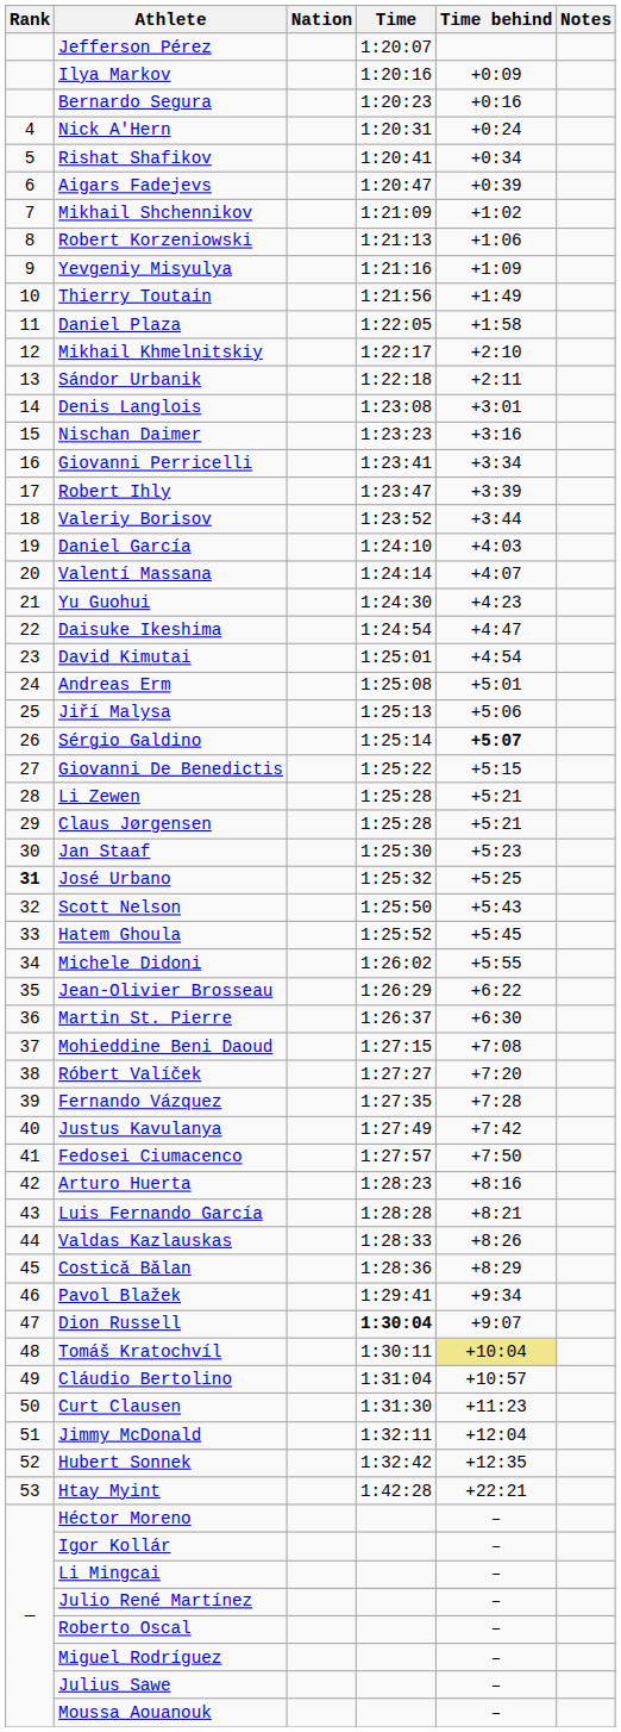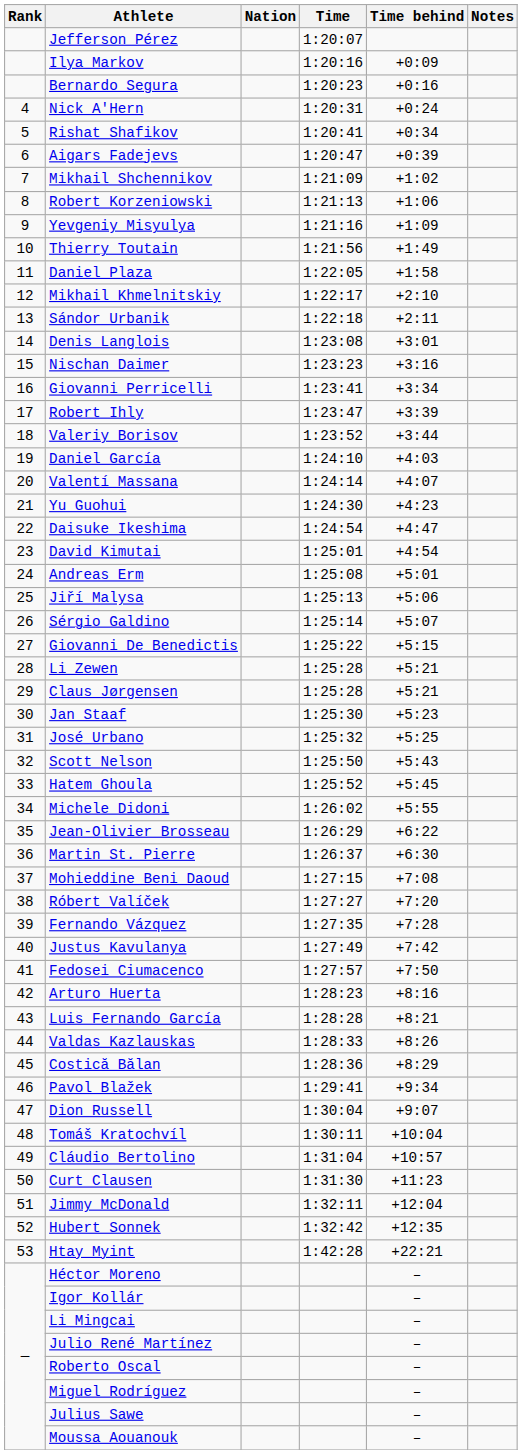 <table class="wikitable sortable" style="text-align:center">
 <tr>
 <th>Rank</th>
 <th>Athlete</th>
 <th>Nation</th>
 <th>Time</th>
 <th>Time behind</th>
 <th>Notes</th>
 </tr>
 <tr>
 <td></td>
 <td align=left><a href='#'>Jefferson Pérez</a></td>
 <td align=left></td>
 <td>1:20:07</td>
 <td></td>
 <td></td>
 </tr>
 <tr>
 <td></td>
 <td align=left><a href='#'>Ilya Markov</a></td>
 <td align=left></td>
 <td>1:20:16</td>
 <td>+0:09</td>
 <td></td>
 </tr>
 <tr>
 <td></td>
 <td align=left><a href='#'>Bernardo Segura</a></td>
 <td align=left></td>
 <td>1:20:23</td>
 <td>+0:16</td>
 <td></td>
 </tr>
 <tr>
 <td>4</td>
 <td align=left><a href='#'>Nick A'Hern</a></td>
 <td align=left></td>
 <td>1:20:31</td>
 <td>+0:24</td>
 <td></td>
 </tr>
 <tr>
 <td>5</td>
 <td align=left><a href='#'>Rishat Shafikov</a></td>
 <td align=left></td>
 <td>1:20:41</td>
 <td>+0:34</td>
 <td></td>
 </tr>
 <tr>
 <td>6</td>
 <td align=left><a href='#'>Aigars Fadejevs</a></td>
 <td align=left></td>
 <td>1:20:47</td>
 <td>+0:39</td>
 <td></td>
 </tr>
 <tr>
 <td>7</td>
 <td align=left><a href='#'>Mikhail Shchennikov</a></td>
 <td align=left></td>
 <td>1:21:09</td>
 <td>+1:02</td>
 <td></td>
 </tr>
 <tr>
 <td>8</td>
 <td align=left><a href='#'>Robert Korzeniowski</a></td>
 <td align=left></td>
 <td>1:21:13</td>
 <td>+1:06</td>
 <td></td>
 </tr>
 <tr>
 <td>9</td>
 <td align=left><a href='#'>Yevgeniy Misyulya</a></td>
 <td align=left></td>
 <td>1:21:16</td>
 <td>+1:09</td>
 <td></td>
 </tr>
 <tr>
 <td>10</td>
 <td align=left><a href='#'>Thierry Toutain</a></td>
 <td align=left></td>
 <td>1:21:56</td>
 <td>+1:49</td>
 <td></td>
 </tr>
 <tr>
 <td>11</td>
 <td align=left><a href='#'>Daniel Plaza</a></td>
 <td align=left></td>
 <td>1:22:05</td>
 <td>+1:58</td>
 <td></td>
 </tr>
 <tr>
 <td>12</td>
 <td align=left><a href='#'>Mikhail Khmelnitskiy</a></td>
 <td align=left></td>
 <td>1:22:17</td>
 <td>+2:10</td>
 <td></td>
 </tr>
 <tr>
 <td>13</td>
 <td align=left><a href='#'>Sándor Urbanik</a></td>
 <td align=left></td>
 <td>1:22:18</td>
 <td>+2:11</td>
 <td></td>
 </tr>
 <tr>
 <td>14</td>
 <td align=left><a href='#'>Denis Langlois</a></td>
 <td align=left></td>
 <td>1:23:08</td>
 <td>+3:01</td>
 <td></td>
 </tr>
 <tr>
 <td>15</td>
 <td align=left><a href='#'>Nischan Daimer</a></td>
 <td align=left></td>
 <td>1:23:23</td>
 <td>+3:16</td>
 <td></td>
 </tr>
 <tr>
 <td>16</td>
 <td align=left><a href='#'>Giovanni Perricelli</a></td>
 <td align=left></td>
 <td>1:23:41</td>
 <td>+3:34</td>
 <td></td>
 </tr>
 <tr>
 <td>17</td>
 <td align=left><a href='#'>Robert Ihly</a></td>
 <td align=left></td>
 <td>1:23:47</td>
 <td>+3:39</td>
 <td></td>
 </tr>
 <tr>
 <td>18</td>
 <td align=left><a href='#'>Valeriy Borisov</a></td>
 <td align=left></td>
 <td>1:23:52</td>
 <td>+3:44</td>
 <td></td>
 </tr>
 <tr>
 <td>19</td>
 <td align=left><a href='#'>Daniel García</a></td>
 <td align=left></td>
 <td>1:24:10</td>
 <td>+4:03</td>
 <td></td>
 </tr>
 <tr>
 <td>20</td>
 <td align=left><a href='#'>Valentí Massana</a></td>
 <td align=left></td>
 <td>1:24:14</td>
 <td>+4:07</td>
 <td></td>
 </tr>
 <tr>
 <td>21</td>
 <td align=left><a href='#'>Yu Guohui</a></td>
 <td align=left></td>
 <td>1:24:30</td>
 <td>+4:23</td>
 <td></td>
 </tr>
 <tr>
 <td>22</td>
 <td align=left><a href='#'>Daisuke Ikeshima</a></td>
 <td align=left></td>
 <td>1:24:54</td>
 <td>+4:47</td>
 <td></td>
 </tr>
 <tr>
 <td>23</td>
 <td align=left><a href='#'>David Kimutai</a></td>
 <td align=left></td>
 <td>1:25:01</td>
 <td>+4:54</td>
 <td></td>
 </tr>
 <tr>
 <td>24</td>
 <td align=left><a href='#'>Andreas Erm</a></td>
 <td align=left></td>
 <td>1:25:08</td>
 <td>+5:01</td>
 <td></td>
 </tr>
 <tr>
 <td>25</td>
 <td align=left><a href='#'>Jiří Malysa</a></td>
 <td align=left></td>
 <td>1:25:13</td>
 <td>+5:06</td>
 <td></td>
 </tr>
 <tr>
 <td>26</td>
 <td align=left><a href='#'>Sérgio Galdino</a></td>
 <td align=left></td>
 <td>1:25:14</td>
-<td><strong>+5:07</strong></td>
+<td>+5:07</td>
 <td></td>
 </tr>
 <tr>
 <td>27</td>
 <td align=left><a href='#'>Giovanni De Benedictis</a></td>
 <td align=left></td>
 <td>1:25:22</td>
 <td>+5:15</td>
 <td></td>
 </tr>
 <tr>
 <td>28</td>
 <td align=left><a href='#'>Li Zewen</a></td>
 <td align=left></td>
 <td>1:25:28</td>
 <td>+5:21</td>
 <td></td>
 </tr>
 <tr>
 <td>29</td>
 <td align=left><a href='#'>Claus Jørgensen</a></td>
 <td align=left></td>
 <td>1:25:28</td>
 <td>+5:21</td>
 <td></td>
 </tr>
 <tr>
 <td>30</td>
 <td align=left><a href='#'>Jan Staaf</a></td>
 <td align=left></td>
 <td>1:25:30</td>
 <td>+5:23</td>
 <td></td>
 </tr>
 <tr>
-<td><strong>31</strong></td>
+<td>31</td>
 <td align=left><a href='#'>José Urbano</a></td>
 <td align=left></td>
 <td>1:25:32</td>
 <td>+5:25</td>
 <td></td>
 </tr>
 <tr>
 <td>32</td>
 <td align=left><a href='#'>Scott Nelson</a></td>
 <td align=left></td>
 <td>1:25:50</td>
 <td>+5:43</td>
 <td></td>
 </tr>
 <tr>
 <td>33</td>
 <td align=left><a href='#'>Hatem Ghoula</a></td>
 <td align=left></td>
 <td>1:25:52</td>
 <td>+5:45</td>
 <td></td>
 </tr>
 <tr>
 <td>34</td>
 <td align=left><a href='#'>Michele Didoni</a></td>
 <td align=left></td>
 <td>1:26:02</td>
 <td>+5:55</td>
 <td></td>
 </tr>
 <tr>
 <td>35</td>
 <td align=left><a href='#'>Jean-Olivier Brosseau</a></td>
 <td align=left></td>
 <td>1:26:29</td>
 <td>+6:22</td>
 <td></td>
 </tr>
 <tr>
 <td>36</td>
 <td align=left><a href='#'>Martin St. Pierre</a></td>
 <td align=left></td>
 <td>1:26:37</td>
 <td>+6:30</td>
 <td></td>
 </tr>
 <tr>
 <td>37</td>
 <td align=left><a href='#'>Mohieddine Beni Daoud</a></td>
 <td align=left></td>
 <td>1:27:15</td>
 <td>+7:08</td>
 <td></td>
 </tr>
 <tr>
 <td>38</td>
 <td align=left><a href='#'>Róbert Valíček</a></td>
 <td align=left></td>
 <td>1:27:27</td>
 <td>+7:20</td>
 </tr>
 <tr>
 <td>39</td>
 <td align=left><a href='#'>Fernando Vázquez</a></td>
 <td align=left></td>
 <td>1:27:35</td>
 <td>+7:28</td>
 <td></td>
 </tr>
 <tr>
 <td>40</td>
 <td align=left><a href='#'>Justus Kavulanya</a></td>
 <td align=left></td>
 <td>1:27:49</td>
 <td>+7:42</td>
 <td></td>
 </tr>
 <tr>
 <td>41</td>
 <td align=left><a href='#'>Fedosei Ciumacenco</a></td>
 <td align=left></td>
 <td>1:27:57</td>
 <td>+7:50</td>
 <td></td>
 </tr>
 <tr>
 <td>42</td>
 <td align=left><a href='#'>Arturo Huerta</a></td>
 <td align=left></td>
 <td>1:28:23</td>
 <td>+8:16</td>
 <td></td>
 </tr>
 <tr>
 <td>43</td>
 <td align=left><a href='#'>Luis Fernando García</a></td>
 <td align=left></td>
 <td>1:28:28</td>
 <td>+8:21</td>
 <td></td>
 </tr>
 <tr>
 <td>44</td>
 <td align=left><a href='#'>Valdas Kazlauskas</a></td>
 <td align=left></td>
 <td>1:28:33</td>
 <td>+8:26</td>
 <td></td>
 </tr>
 <tr>
 <td>45</td>
 <td align=left><a href='#'>Costică Bălan</a></td>
 <td align=left></td>
 <td>1:28:36</td>
 <td>+8:29</td>
 <td></td>
 </tr>
 <tr>
 <td>46</td>
 <td align=left><a href='#'>Pavol Blažek</a></td>
 <td align=left></td>
 <td>1:29:41</td>
 <td>+9:34</td>
 <td></td>
 </tr>
 <tr>
 <td>47</td>
 <td align=left><a href='#'>Dion Russell</a></td>
 <td align=left></td>
-<td><strong>1:30:04</strong></td>
+<td>1:30:04</td>
 <td>+9:07</td>
 <td></td>
 </tr>
 <tr>
 <td>48</td>
 <td align=left><a href='#'>Tomáš Kratochvíl</a></td>
 <td align=left></td>
 <td>1:30:11</td>
-<td style="background: khaki;">+10:04</td>
+<td>+10:04</td>
 <td></td>
 </tr>
 <tr>
 <td>49</td>
 <td align=left><a href='#'>Cláudio Bertolino</a></td>
 <td align=left></td>
 <td>1:31:04</td>
 <td>+10:57</td>
 <td></td>
 </tr>
 <tr>
 <td>50</td>
 <td align=left><a href='#'>Curt Clausen</a></td>
 <td align=left></td>
 <td>1:31:30</td>
 <td>+11:23</td>
 <td></td>
 </tr>
 <tr>
 <td>51</td>
 <td align=left><a href='#'>Jimmy McDonald</a></td>
 <td align=left></td>
 <td>1:32:11</td>
 <td>+12:04</td>
 <td></td>
 </tr>
 <tr>
 <td>52</td>
 <td align=left><a href='#'>Hubert Sonnek</a></td>
 <td align=left></td>
 <td>1:32:42</td>
 <td>+12:35</td>
 </tr>
 <tr>
 <td>53</td>
 <td align=left><a href='#'>Htay Myint</a></td>
 <td align=left></td>
 <td>1:42:28</td>
 <td>+22:21</td>
 <td></td>
 </tr>
 <tr>
 <td rowspan="8">—</td>
 <td align=left><a href='#'>Héctor Moreno</a></td>
 <td align=left></td>
 <td></td>
 <td>–</td>
 <td></td>
 </tr>
 <tr>
 <td align=left><a href='#'>Igor Kollár</a></td>
 <td align=left></td>
 <td></td>
 <td>–</td>
 <td></td>
 </tr>
 <tr>
 <td align=left><a href='#'>Li Mingcai</a></td>
 <td align=left></td>
 <td></td>
 <td>–</td>
 <td></td>
 </tr>
 <tr>
 <td align=left><a href='#'>Julio René Martínez</a></td>
 <td align=left></td>
 <td></td>
 <td>–</td>
 <td></td>
 </tr>
 <tr>
 <td align=left><a href='#'>Roberto Oscal</a></td>
 <td align=left></td>
 <td></td>
 <td>–</td>
 <td></td>
 </tr>
 <tr>
 <td align=left><a href='#'>Miguel Rodríguez</a></td>
 <td align=left></td>
 <td></td>
 <td>–</td>
 <td></td>
 </tr>
 <tr>
 <td align=left><a href='#'>Julius Sawe</a></td>
 <td align=left></td>
 <td></td>
 <td>–</td>
 <td></td>
 </tr>
 <tr>
 <td align=left><a href='#'>Moussa Aouanouk</a></td>
 <td align=left></td>
 <td></td>
 <td>–</td>
 <td></td>
 </tr>
 </table>
